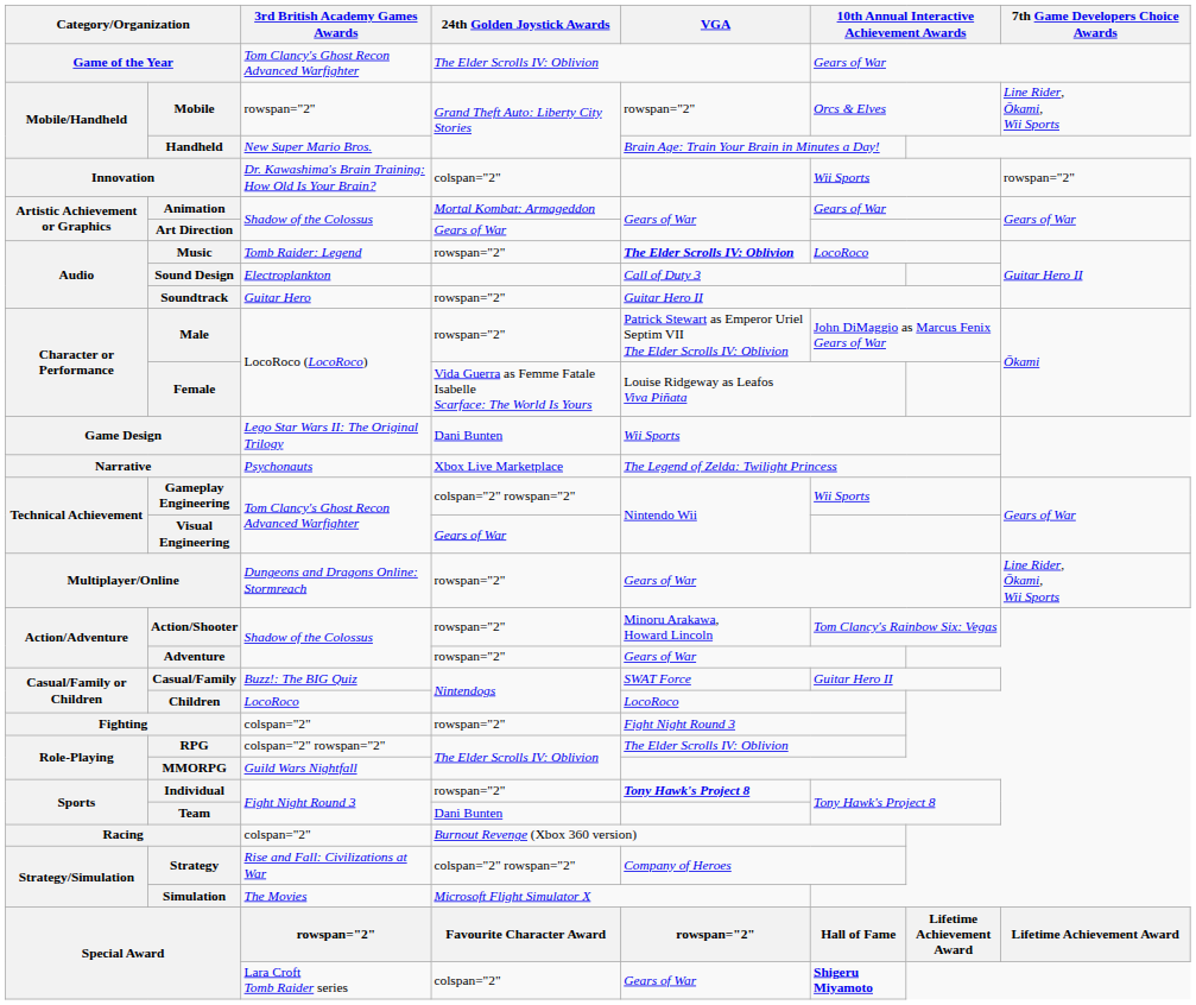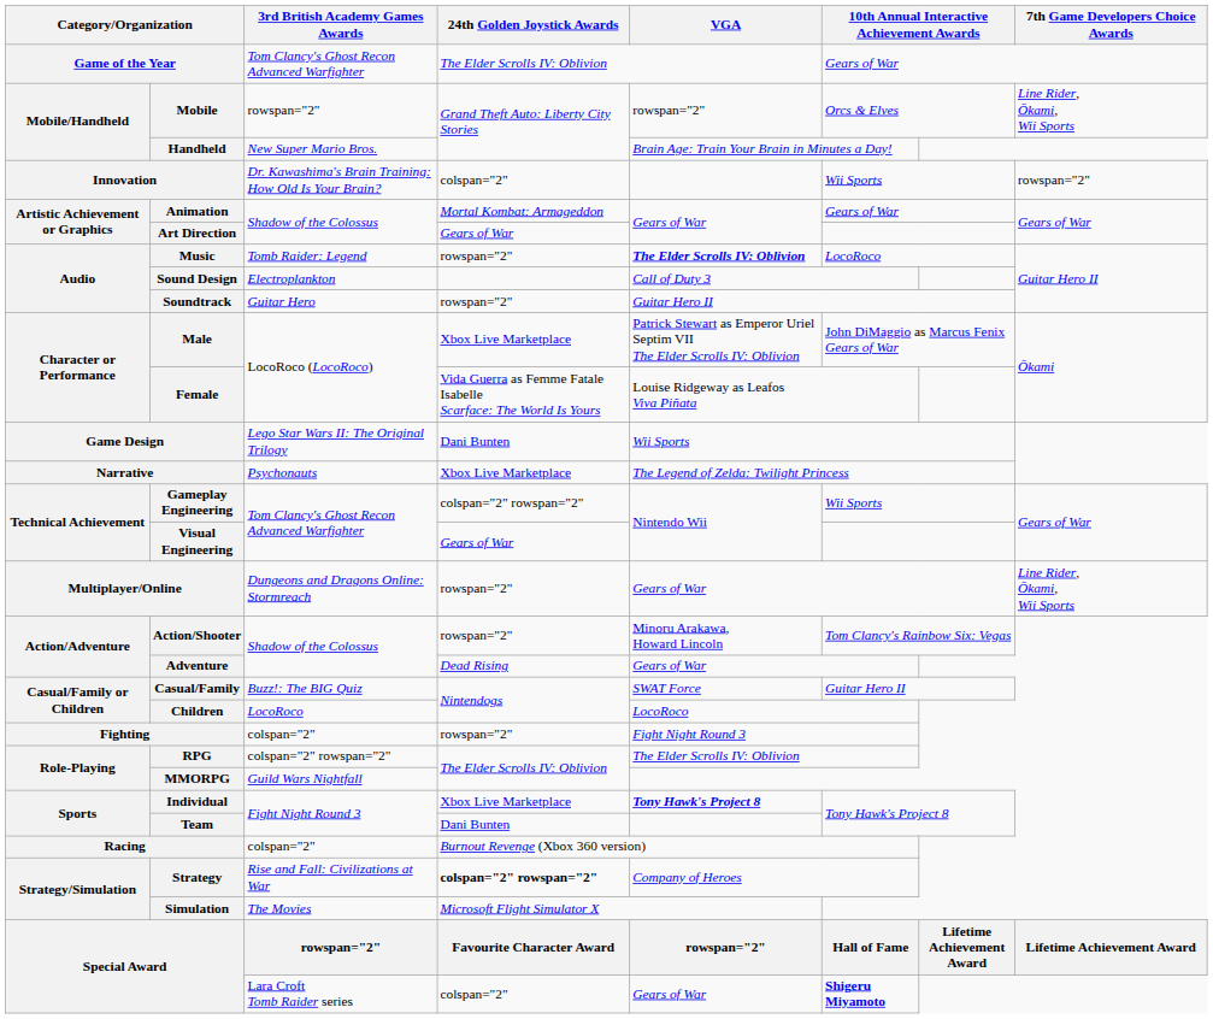 <table class="wikitable" style="border:none; margin:0; width:100%; font-size: 90%;">
 <tr>
 <th style="width:17%;" colspan="2">Category/Organization</th>
 <th style="width:16%;"><a href='#'>3rd British Academy Games Awards</a><br></th>
 <th style="width:16%;">24th <a href='#'>Golden Joystick Awards</a><br></th>
 <th style="width:16%;"><a href='#'>VGA</a><br></th>
 <th style="width:16%;" colspan="2"><a href='#'>10th Annual Interactive Achievement Awards</a><br></th>
 <th style="width:16%;">7th <a href='#'>Game Developers Choice Awards</a><br></th>
 </tr>
 <tr>
 <th scope="row" colspan="2"><a href='#'>Game of the Year</a></th>
 <td><em><a href='#'>Tom Clancy's Ghost Recon Advanced Warfighter</a></em></td>
 <td colspan="2"><em><a href='#'>The Elder Scrolls IV: Oblivion</a></em></td>
 <td colspan="3"><em><a href='#'>Gears of War</a></em></td>
 </tr>
 <tr>
 <th scope="row" rowspan="2" style="width:12%;">Mobile/Handheld</th>
 <th>Mobile</th>
 <td>rowspan="2" </td>
 <td rowspan="2"><em><a href='#'>Grand Theft Auto: Liberty City Stories</a></em></td>
 <td>rowspan="2" </td>
 <td colspan="2"><em><a href='#'>Orcs & Elves</a></em></td>
 <td><em><a href='#'>Line Rider</a></em>,<br><em><a href='#'>Ōkami</a></em>,<br><em><a href='#'>Wii Sports</a></em></td>
 </tr>
 <tr>
 <th scope="row">Handheld</th>
 <td><em><a href='#'>New Super Mario Bros.</a></em></td>
 <td colspan="2"><em><a href='#'>Brain Age: Train Your Brain in Minutes a Day!</a></em></td>
 </tr>
 <tr>
 <th scope="row" style="width:12%;" colspan="2">Innovation</th>
 <td><em><a href='#'>Dr. Kawashima's Brain Training: How Old Is Your Brain?</a></em></td>
 <td>colspan="2" </td>
 <td></td>
 <td colspan="2"><em><a href='#'>Wii Sports</a></em></td>
 <td>rowspan="2" </td>
 </tr>
 <tr>
 <th scope="row" rowspan="2" style="width:9%;">Artistic Achievement<br>or Graphics</th>
 <th>Animation</th>
 <td rowspan="2"><em><a href='#'>Shadow of the Colossus</a></em></td>
 <td><em><a href='#'>Mortal Kombat: Armageddon</a></em></td>
 <td rowspan="2"><em><a href='#'>Gears of War</a></em></td>
 <td colspan="2"><em><a href='#'>Gears of War</a></em></td>
 <td rowspan="2"><em><a href='#'>Gears of War</a></em></td>
 </tr>
 <tr>
 <th scope="row">Art Direction</th>
 <td colspan="2"><em><a href='#'>Gears of War</a></em></td>
 </tr>
 <tr>
 <th scope="row" rowspan="3" style="width:12%;">Audio</th>
 <th>Music</th>
 <td><em><a href='#'>Tomb Raider: Legend</a></em></td>
 <td>rowspan="2" </td>
 <td><strong><em><a href='#'>The Elder Scrolls IV: Oblivion</a></em></strong></td>
 <td colspan="2"><em><a href='#'>LocoRoco</a></em></td>
 <td rowspan="3"><em><a href='#'>Guitar Hero II</a></em></td>
 </tr>
 <tr>
 <th scope="row">Sound Design</th>
 <td><em><a href='#'>Electroplankton</a></em></td>
 <td></td>
 <td colspan="2"><em><a href='#'>Call of Duty 3</a></em></td>
 </tr>
 <tr>
 <th scope="row">Soundtrack</th>
 <td><em><a href='#'>Guitar Hero</a></em></td>
 <td>rowspan="2" </td>
 <td colspan="3"><em><a href='#'>Guitar Hero II</a></em></td>
 </tr>
 <tr>
 <th scope="row" rowspan="2">Character or Performance</th>
 <th>Male</th>
 <td rowspan="2">LocoRoco (<em><a href='#'>LocoRoco</a></em>)</td>
-<td>rowspan="2" </td>
+<td><a href='#'>Xbox Live Marketplace</a></td>
 <td><a href='#'>Patrick Stewart</a> as Emperor Uriel Septim VII<br><em><a href='#'>The Elder Scrolls IV: Oblivion</a></em></td>
 <td colspan="2"><a href='#'>John DiMaggio</a> as <a href='#'>Marcus Fenix</a><br><em><a href='#'>Gears of War</a></em></td>
 <td rowspan="2"><em><a href='#'>Ōkami</a></em></td>
 </tr>
 <tr>
 <th scope="row">Female</th>
 <td><a href='#'>Vida Guerra</a> as Femme Fatale Isabelle<br><em><a href='#'>Scarface: The World Is Yours</a></em></td>
 <td colspan="2">Louise Ridgeway as Leafos<br><em><a href='#'>Viva Piñata</a></em></td>
 </tr>
 <tr>
 <th scope="row" colspan="2">Game Design</th>
 <td><em><a href='#'>Lego Star Wars II: The Original Trilogy</a></em></td>
 <td><a href='#'>Dani Bunten</a></td>
 <td colspan="3"><em><a href='#'>Wii Sports</a></em></td>
 </tr>
 <tr>
 <th scope="row" colspan="2">Narrative</th>
 <td><em><a href='#'>Psychonauts</a></em></td>
 <td><a href='#'>Xbox Live Marketplace</a></td>
 <td colspan="3"><em><a href='#'>The Legend of Zelda: Twilight Princess</a></em></td>
 </tr>
 <tr>
 <th scope="row" rowspan="2">Technical Achievement</th>
 <th>Gameplay Engineering</th>
 <td rowspan="2"><em><a href='#'>Tom Clancy's Ghost Recon Advanced Warfighter</a></em></td>
 <td>colspan="2" rowspan="2" </td>
 <td rowspan="2"><a href='#'>Nintendo Wii</a></td>
 <td colspan="2"><em><a href='#'>Wii Sports</a></em></td>
 <td rowspan="2"><em><a href='#'>Gears of War</a></em></td>
 </tr>
 <tr>
 <th scope="row">Visual Engineering</th>
 <td colspan="2"><em><a href='#'>Gears of War</a></em></td>
 </tr>
 <tr>
 <th scope="row" colspan="2">Multiplayer/Online</th>
 <td><em><a href='#'>Dungeons and Dragons Online: Stormreach</a></em></td>
 <td>rowspan="2" </td>
 <td colspan="3"><em><a href='#'>Gears of War</a></em></td>
 <td><em><a href='#'>Line Rider</a></em>,<br><em><a href='#'>Ōkami</a></em>,<br><em><a href='#'>Wii Sports</a></em></td>
 </tr>
 <tr>
 <th scope="row" rowspan="2">Action/Adventure</th>
 <th>Action/Shooter</th>
 <td rowspan="2"><em><a href='#'>Shadow of the Colossus</a></em></td>
 <td>rowspan="2" </td>
 <td><a href='#'>Minoru Arakawa</a>,<br><a href='#'>Howard Lincoln</a></td>
 <td colspan="2"><em><a href='#'>Tom Clancy's Rainbow Six: Vegas</a></em></td>
 </tr>
 <tr>
 <th scope="row">Adventure</th>
-<td>rowspan="2" </td>
+<td><em><a href='#'>Dead Rising</a></em></td>
 <td colspan="2"><em><a href='#'>Gears of War</a></em></td>
 </tr>
 <tr>
 <th scope="row" rowspan="2">Casual/Family or Children</th>
 <th>Casual/Family</th>
 <td><em><a href='#'>Buzz!: The BIG Quiz</a></em></td>
 <td rowspan="2"><em><a href='#'>Nintendogs</a></em></td>
 <td><em><a href='#'>SWAT Force</a></em></td>
 <td colspan="2"><em><a href='#'>Guitar Hero II</a></em></td>
 </tr>
 <tr>
 <th scope="row">Children</th>
 <td><em><a href='#'>LocoRoco</a></em></td>
 <td colspan="2"><em><a href='#'>LocoRoco</a></em></td>
 </tr>
 <tr>
 <th scope="row" colspan="2">Fighting</th>
 <td>colspan="2" </td>
 <td>rowspan="2" </td>
 <td colspan="2"><em><a href='#'>Fight Night Round 3</a></em></td>
 </tr>
 <tr>
 <th scope="row" rowspan="2">Role-Playing</th>
 <th>RPG</th>
 <td>colspan="2" rowspan="2" </td>
 <td rowspan="2"><em><a href='#'>The Elder Scrolls IV: Oblivion</a></em></td>
 <td colspan="2"><em><a href='#'>The Elder Scrolls IV: Oblivion</a></em></td>
 </tr>
 <tr>
 <th scope="row">MMORPG</th>
 <td colspan="2"><em><a href='#'>Guild Wars Nightfall</a></em></td>
 </tr>
 <tr>
 <th scope="row" rowspan="2">Sports</th>
 <th>Individual</th>
 <td rowspan="2"><em><a href='#'>Fight Night Round 3</a></em></td>
-<td>rowspan="2" </td>
+<td><a href='#'>Xbox Live Marketplace</a></td>
 <td><strong><em><a href='#'>Tony Hawk's Project 8</a></em></strong></td>
 <td rowspan="2" colspan="2"><em><a href='#'>Tony Hawk's Project 8</a></em></td>
 </tr>
 <tr>
 <th scope="row">Team</th>
 <td><a href='#'>Dani Bunten</a></td>
 </tr>
 <tr>
 <th scope="row" colspan="2">Racing</th>
 <td>colspan="2" </td>
 <td colspan="3"><em><a href='#'>Burnout Revenge</a></em> (Xbox 360 version)</td>
 </tr>
 <tr>
 <th scope="row" rowspan="2">Strategy/Simulation</th>
 <th>Strategy</th>
 <td><em><a href='#'>Rise and Fall: Civilizations at War</a></em></td>
-<td>colspan="2" rowspan="2" </td>
+<td><strong>colspan="2" rowspan="2" </strong></td>
 <td colspan="2"><em><a href='#'>Company of Heroes</a></em></td>
 </tr>
 <tr>
 <th scope="row">Simulation</th>
 <td><em><a href='#'>The Movies</a></em></td>
 <td colspan="2"><em><a href='#'>Microsoft Flight Simulator X</a></em></td>
 </tr>
 <tr>
 <th scope="row" colspan="2" rowspan="2">Special Award</th>
 <th>rowspan="2" </th>
 <th>Favourite Character Award</th>
 <th>rowspan="2" </th>
 <th>Hall of Fame</th>
 <th>Lifetime Achievement Award</th>
 <th>Lifetime Achievement Award</th>
 </tr>
 <tr>
 <td><a href='#'>Lara Croft</a><br><em><a href='#'>Tomb Raider</a></em> series</td>
 <td>colspan="2" </td>
 <td><em><a href='#'>Gears of War</a></em></td>
 <td><strong><a href='#'>Shigeru Miyamoto</a></strong></td>
 </tr>
 </table>
